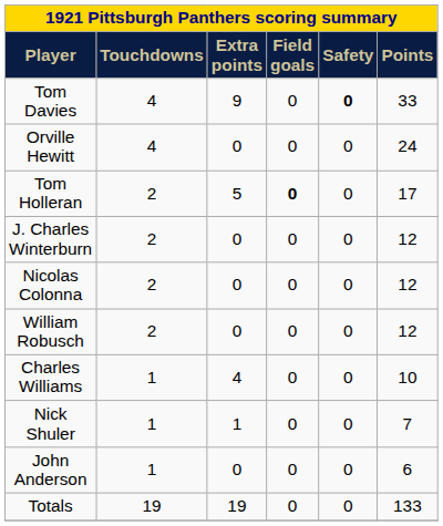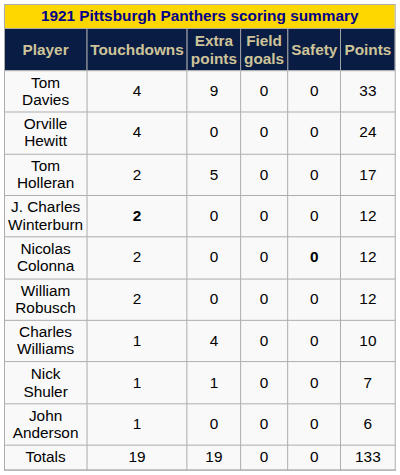 <table class="wikitable" width="35%">
 <tr>
 <th colspan="10" style="background:gold; color:darkblue; text-align: center;"><strong>1921 Pittsburgh Panthers scoring summary</strong></th>
 </tr>
 <tr align="center"  style="background:#091C44;color:#CEC499;">
 <td><strong>Player</strong></td>
 <td><strong>Touchdowns</strong></td>
 <td><strong>Extra points</strong></td>
 <td><strong>Field goals</strong></td>
 <td><strong>Safety</strong></td>
 <td><strong>Points</strong></td>
 </tr>
 <tr align="center" bgcolor="">
 <td>Tom Davies</td>
 <td>4</td>
 <td>9</td>
 <td>0</td>
-<td><strong>0</strong></td>
+<td>0</td>
 <td>33</td>
 </tr>
 <tr align="center" bgcolor="">
 <td>Orville Hewitt</td>
 <td>4</td>
 <td>0</td>
 <td>0</td>
 <td>0</td>
 <td>24</td>
 </tr>
 <tr align="center" bgcolor="">
 <td>Tom Holleran</td>
 <td>2</td>
 <td>5</td>
-<td><strong>0</strong></td>
+<td>0</td>
 <td>0</td>
 <td>17</td>
 </tr>
 <tr align="center" bgcolor="">
 <td>J. Charles Winterburn</td>
-<td>2</td>
+<td><strong>2</strong></td>
 <td>0</td>
 <td>0</td>
 <td>0</td>
 <td>12</td>
 </tr>
 <tr align="center" bgcolor="">
 <td>Nicolas Colonna</td>
 <td>2</td>
 <td>0</td>
 <td>0</td>
-<td>0</td>
+<td><strong>0</strong></td>
 <td>12</td>
 </tr>
 <tr align="center" bgcolor="">
 <td>William Robusch</td>
 <td>2</td>
 <td>0</td>
 <td>0</td>
 <td>0</td>
 <td>12</td>
 </tr>
 <tr align="center" bgcolor="">
 <td>Charles Williams</td>
 <td>1</td>
 <td>4</td>
 <td>0</td>
 <td>0</td>
 <td>10</td>
 </tr>
 <tr align="center" bgcolor="">
 <td>Nick Shuler</td>
 <td>1</td>
 <td>1</td>
 <td>0</td>
 <td>0</td>
 <td>7</td>
 </tr>
 <tr align="center" bgcolor="">
 <td>John Anderson</td>
 <td>1</td>
 <td>0</td>
 <td>0</td>
 <td>0</td>
 <td>6</td>
 </tr>
 <tr align="center" bgcolor="">
 <td>Totals</td>
 <td>19</td>
 <td>19</td>
 <td>0</td>
 <td>0</td>
 <td>133</td>
 </tr>
 <tr align="center" bgcolor="">
 </tr>
 </table>
